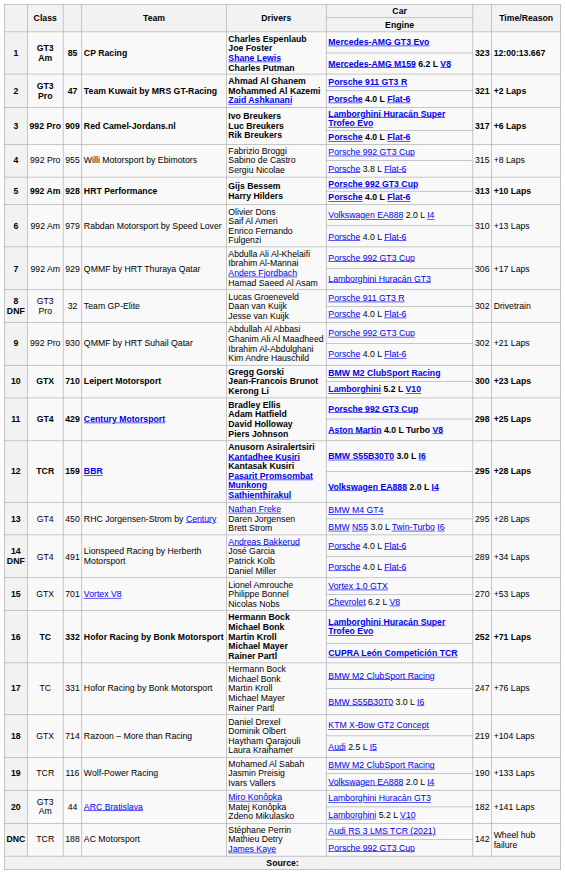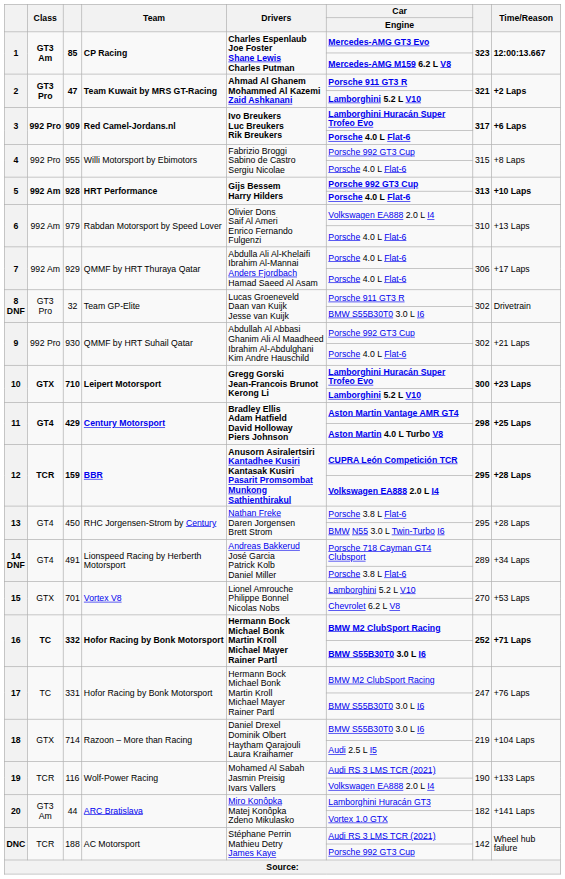 <table class="wikitable" style="font-size:85%;">
 <tr>
 <th rowspan=2></th>
 <th rowspan=2>Class</th>
 <th rowspan=2></th>
 <th rowspan=2>Team</th>
 <th rowspan=2>Drivers</th>
 <th>Car</th>
 <th rowspan="2"></th>
 <th rowspan="2">Time/Reason</th>
 </tr>
 <tr>
 <th>Engine</th>
 </tr>
 <tr>
 <th rowspan=2>1</th>
 <td rowspan=2 align=center><strong>GT3 Am</strong></td>
 <td rowspan=2 align=center><strong>85</strong></td>
 <td rowspan=2><strong> CP Racing</strong></td>
 <td rowspan=2><strong> Charles Espenlaub<br> Joe Foster<br> <a href='#'>Shane Lewis</a><br> Charles Putman</strong></td>
 <td><a href='#'><strong>Mercedes-AMG GT3 Evo</strong></a></td>
 <td rowspan="2"><strong>323</strong></td>
 <td rowspan="2"><strong>12:00:13.667</strong></td>
 </tr>
 <tr>
 <td><strong><a href='#'>Mercedes-AMG M159</a> 6.2 L <a href='#'>V8</a></strong></td>
 </tr>
 <tr>
 <th rowspan=2>2</th>
 <td rowspan=2 align=center><strong>GT3 Pro</strong></td>
 <td rowspan=2 align=center><strong>47</strong></td>
 <td rowspan=2><strong> Team Kuwait by MRS GT-Racing</strong></td>
 <td rowspan=2><strong> Ahmad Al Ghanem<br> Mohammed Al Kazemi<br> <a href='#'>Zaid Ashkanani</a></strong></td>
 <td><a href='#'><strong>Porsche 911 GT3 R</strong></a></td>
 <td rowspan="2"><strong>321</strong></td>
 <td rowspan="2"><strong>+2 Laps</strong></td>
 </tr>
 <tr>
-<td><strong><a href='#'>Porsche</a> 4.0 L <a href='#'>Flat-6</a></strong></td>
+<td><strong><a href='#'>Lamborghini</a> 5.2 L <a href='#'>V10</a></strong></td>
 </tr>
 <tr>
 <th rowspan=2>3</th>
 <td rowspan=2 align=center><strong>992 Pro</strong></td>
 <td rowspan=2 align=center><strong>909</strong></td>
 <td rowspan=2><strong> Red Camel-Jordans.nl</strong></td>
 <td rowspan=2><strong> Ivo Breukers<br> Luc Breukers<br> Rik Breukers</strong></td>
 <td><a href='#'><strong>Lamborghini Huracán Super Trofeo Evo</strong></a></td>
 <td rowspan="2"><strong>317</strong></td>
 <td rowspan="2"><strong>+6 Laps</strong></td>
 </tr>
 <tr>
 <td><strong><a href='#'>Porsche</a> 4.0 L <a href='#'>Flat-6</a></strong></td>
 </tr>
 <tr>
 <th rowspan=2>4</th>
 <td rowspan=2 align=center>992 Pro</td>
 <td rowspan=2 align=center>955</td>
 <td rowspan=2> Willi Motorsport by Ebimotors</td>
 <td rowspan=2> Fabrizio Broggi<br> Sabino de Castro<br> Sergiu Nicolae</td>
 <td><a href='#'>Porsche 992 GT3 Cup</a></td>
 <td rowspan="2">315</td>
 <td rowspan="2">+8 Laps</td>
 </tr>
 <tr>
-<td><a href='#'>Porsche</a> 3.8 L <a href='#'>Flat-6</a></td>
+<td><a href='#'>Porsche</a> 4.0 L <a href='#'>Flat-6</a></td>
 </tr>
 <tr>
 <th rowspan=2>5</th>
 <td rowspan=2 align=center><strong>992 Am</strong></td>
 <td rowspan=2 align=center><strong>928</strong></td>
 <td rowspan=2><strong> HRT Performance</strong></td>
 <td rowspan=2><strong> Gijs Bessem<br> Harry Hilders</strong></td>
 <td><a href='#'><strong>Porsche 992 GT3 Cup</strong></a></td>
 <td rowspan="2"><strong>313</strong></td>
 <td rowspan="2"><strong>+10 Laps</strong></td>
 </tr>
 <tr>
 <td><strong><a href='#'>Porsche</a> 4.0 L <a href='#'>Flat-6</a></strong></td>
 </tr>
 <tr>
 <th rowspan=2>6</th>
 <td rowspan=2 align=center>992 Am</td>
 <td rowspan=2 align=center>979</td>
 <td rowspan=2> Rabdan Motorsport by Speed Lover</td>
 <td rowspan=2> Olivier Dons<br> Saif Al Ameri<br> Enrico Fernando Fulgenzi</td>
 <td><a href='#'>Volkswagen EA888</a> 2.0 L <a href='#'>I4</a></td>
 <td rowspan="2">310</td>
 <td rowspan="2">+13 Laps</td>
 </tr>
 <tr>
 <td><a href='#'>Porsche</a> 4.0 L <a href='#'>Flat-6</a></td>
 </tr>
 <tr>
 <th rowspan=2>7</th>
 <td rowspan=2 align=center>992 Am</td>
 <td rowspan=2 align=center>929</td>
 <td rowspan=2> QMMF by HRT Thuraya Qatar</td>
 <td rowspan=2> Abdulla Ali Al-Khelaifi<br> Ibrahim Al-Mannai<br> <a href='#'>Anders Fjordbach</a><br> Hamad Saeed Al Asam</td>
-<td><a href='#'>Porsche 992 GT3 Cup</a></td>
+<td><a href='#'>Porsche</a> 4.0 L <a href='#'>Flat-6</a></td>
 <td rowspan="2">306</td>
 <td rowspan="2">+17 Laps</td>
 </tr>
 <tr>
-<td><a href='#'>Lamborghini Huracán GT3</a></td>
+<td><a href='#'>Porsche</a> 4.0 L <a href='#'>Flat-6</a></td>
 </tr>
 <tr>
 <th rowspan=2>8<br>DNF</th>
 <td rowspan=2 align=center>GT3 Pro</td>
 <td rowspan=2 align=center>32</td>
 <td rowspan=2> Team GP-Elite</td>
 <td rowspan=2> Lucas Groeneveld<br> Daan van Kuijk<br> Jesse van Kuijk</td>
 <td><a href='#'>Porsche 911 GT3 R</a></td>
 <td rowspan="2">302</td>
 <td rowspan="2">Drivetrain</td>
 </tr>
 <tr>
-<td><a href='#'>Porsche</a> 4.0 L <a href='#'>Flat-6</a></td>
+<td><a href='#'>BMW S55B30T0</a> 3.0 L <a href='#'>I6</a></td>
 </tr>
 <tr>
 <th rowspan=2>9</th>
 <td rowspan=2 align=center>992 Pro</td>
 <td rowspan=2 align=center>930</td>
 <td rowspan=2> QMMF by HRT Suhail Qatar</td>
 <td rowspan=2> Abdullah Al Abbasi<br> Ghanim Ali Al Maadheed<br> Ibrahim Al-Abdulghani<br> Kim Andre Hauschild</td>
 <td><a href='#'>Porsche 992 GT3 Cup</a></td>
 <td rowspan="2">302</td>
 <td rowspan="2">+21 Laps</td>
 </tr>
 <tr>
 <td><a href='#'>Porsche</a> 4.0 L <a href='#'>Flat-6</a></td>
 </tr>
 <tr>
 <th rowspan=2>10</th>
 <td rowspan=2 align=center><strong>GTX</strong></td>
 <td rowspan=2 align=center><strong>710</strong></td>
 <td rowspan=2><strong> Leipert Motorsport</strong></td>
 <td rowspan=2><strong> Gregg Gorski<br> Jean-Francois Brunot<br> Kerong Li</strong></td>
-<td><a href='#'><strong>BMW M2 ClubSport Racing</strong></a></td>
+<td><a href='#'><strong>Lamborghini Huracán Super Trofeo Evo</strong></a></td>
 <td rowspan="2"><strong>300</strong></td>
 <td rowspan="2"><strong>+23 Laps</strong></td>
 </tr>
 <tr>
 <td><strong><a href='#'>Lamborghini</a> 5.2 L <a href='#'>V10</a></strong></td>
 </tr>
 <tr>
 <th rowspan=2>11</th>
 <td rowspan=2 align=center><strong>GT4</strong></td>
 <td rowspan=2 align=center><strong>429</strong></td>
 <td rowspan=2><strong> <a href='#'>Century Motorsport</a></strong></td>
 <td rowspan=2><strong> Bradley Ellis<br> Adam Hatfield<br> David Holloway<br> Piers Johnson</strong></td>
-<td><a href='#'><strong>Porsche 992 GT3 Cup</strong></a></td>
+<td><a href='#'><strong>Aston Martin Vantage AMR GT4</strong></a></td>
 <td rowspan="2"><strong>298</strong></td>
 <td rowspan="2"><strong>+25 Laps</strong></td>
 </tr>
 <tr>
 <td><strong><a href='#'>Aston Martin</a> 4.0 L Turbo <a href='#'>V8</a></strong></td>
 </tr>
 <tr>
 <th rowspan=2>12</th>
 <td rowspan=2 align=center><strong>TCR</strong></td>
 <td rowspan=2 align=center><strong>159</strong></td>
 <td rowspan=2><strong> <a href='#'>BBR</a></strong></td>
 <td rowspan=2><strong> Anusorn Asiralertsiri<br> <a href='#'>Kantadhee Kusiri</a><br> Kantasak Kusiri<br> <a href='#'>Pasarit Promsombat</a><br> <a href='#'>Munkong Sathienthirakul</a></strong></td>
-<td><strong><a href='#'>BMW S55B30T0</a> 3.0 L <a href='#'>I6</a></strong></td>
+<td><a href='#'><strong>CUPRA León Competición TCR</strong></a></td>
 <td rowspan="2"><strong>295</strong></td>
 <td rowspan="2"><strong>+28 Laps</strong></td>
 </tr>
 <tr>
 <td><strong><a href='#'>Volkswagen EA888</a> 2.0 L <a href='#'>I4</a></strong></td>
 </tr>
 <tr>
 <th rowspan=2>13</th>
 <td rowspan=2 align=center>GT4</td>
 <td rowspan=2 align=center>450</td>
 <td rowspan=2> RHC Jorgensen-Strom by <a href='#'>Century</a></td>
 <td rowspan=2> <a href='#'>Nathan Freke</a><br> Daren Jorgensen<br> Brett Strom</td>
-<td><a href='#'>BMW M4 GT4</a></td>
+<td><a href='#'>Porsche</a> 3.8 L <a href='#'>Flat-6</a></td>
 <td rowspan="2">295</td>
 <td rowspan="2">+28 Laps</td>
 </tr>
 <tr>
 <td><a href='#'>BMW</a> <a href='#'>N55</a> 3.0 L <a href='#'>Twin-Turbo</a> <a href='#'>I6</a></td>
 </tr>
 <tr>
 <th rowspan=2>14<br>DNF</th>
 <td rowspan=2 align=center>GT4</td>
 <td rowspan=2 align=center>491</td>
 <td rowspan=2> Lionspeed Racing by Herberth Motorsport</td>
 <td rowspan=2> <a href='#'>Andreas Bakkerud</a><br> José Garcia<br> Patrick Kolb<br> Daniel Miller</td>
-<td><a href='#'>Porsche</a> 4.0 L <a href='#'>Flat-6</a></td>
+<td><a href='#'>Porsche 718 Cayman GT4 Clubsport</a></td>
 <td rowspan="2">289</td>
 <td rowspan="2">+34 Laps</td>
 </tr>
 <tr>
-<td><a href='#'>Porsche</a> 4.0 L <a href='#'>Flat-6</a></td>
+<td><a href='#'>Porsche</a> 3.8 L <a href='#'>Flat-6</a></td>
 </tr>
 <tr>
 <th rowspan=2>15</th>
 <td rowspan=2 align=center>GTX</td>
 <td rowspan=2 align=center>701</td>
 <td rowspan=2> <a href='#'>Vortex V8</a></td>
 <td rowspan=2> Lionel Amrouche<br> Philippe Bonnel<br> Nicolas Nobs</td>
-<td><a href='#'>Vortex 1.0 GTX</a></td>
+<td><a href='#'>Lamborghini</a> 5.2 L <a href='#'>V10</a></td>
 <td rowspan="2">270</td>
 <td rowspan="2">+53 Laps</td>
 </tr>
 <tr>
 <td><a href='#'>Chevrolet</a> 6.2 L <a href='#'>V8</a></td>
 </tr>
 <tr>
 <th rowspan=2>16</th>
 <td rowspan=2 align=center><strong>TC</strong></td>
 <td rowspan=2 align=center><strong>332</strong></td>
 <td rowspan=2><strong> Hofor Racing by Bonk Motorsport</strong></td>
 <td rowspan=2><strong> Hermann Bock<br> Michael Bonk<br> Martin Kroll<br> Michael Mayer<br> Rainer Partl</strong></td>
-<td><a href='#'><strong>Lamborghini Huracán Super Trofeo Evo</strong></a></td>
+<td><a href='#'><strong>BMW M2 ClubSport Racing</strong></a></td>
 <td rowspan=2><strong>252</strong></td>
 <td rowspan="2"><strong>+71 Laps</strong></td>
 </tr>
 <tr>
-<td><a href='#'><strong>CUPRA León Competición TCR</strong></a></td>
+<td><strong><a href='#'>BMW S55B30T0</a> 3.0 L <a href='#'>I6</a></strong></td>
 </tr>
 <tr>
 <th rowspan=2>17</th>
 <td rowspan=2 align=center>TC</td>
 <td rowspan=2 align=center>331</td>
 <td rowspan=2> Hofor Racing by Bonk Motorsport</td>
 <td rowspan=2> Hermann Bock<br> Michael Bonk<br> Martin Kroll<br> Michael Mayer<br> Rainer Partl</td>
 <td><a href='#'>BMW M2 ClubSport Racing</a></td>
 <td rowspan="2">247</td>
 <td rowspan="2">+76 Laps</td>
 </tr>
 <tr>
 <td><a href='#'>BMW S55B30T0</a> 3.0 L <a href='#'>I6</a></td>
 </tr>
 <tr>
 <th rowspan=2>18</th>
 <td rowspan=2 align=center>GTX</td>
 <td rowspan=2 align=center>714</td>
 <td rowspan=2> Razoon – More than Racing</td>
 <td rowspan=2> Daniel Drexel<br> Dominik Olbert<br> Haytham Qarajouli<br> Laura Kraihamer</td>
-<td><a href='#'>KTM X-Bow GT2 Concept</a></td>
+<td><a href='#'>BMW S55B30T0</a> 3.0 L <a href='#'>I6</a></td>
 <td rowspan="2">219</td>
 <td rowspan="2">+104 Laps</td>
 </tr>
 <tr>
 <td><a href='#'>Audi</a> 2.5 L <a href='#'>I5</a></td>
 </tr>
 <tr>
 <th rowspan=2>19</th>
 <td rowspan=2 align=center>TCR</td>
 <td rowspan=2 align=center>116</td>
 <td rowspan=2> Wolf-Power Racing</td>
 <td rowspan=2> Mohamed Al Sabah<br> Jasmin Preisig<br> Ivars Vallers</td>
-<td><a href='#'>BMW M2 ClubSport Racing</a></td>
+<td><a href='#'>Audi RS 3 LMS TCR (2021)</a></td>
 <td rowspan="2">190</td>
 <td rowspan="2">+133 Laps</td>
 </tr>
 <tr>
 <td><a href='#'>Volkswagen EA888</a> 2.0 L <a href='#'>I4</a></td>
 </tr>
 <tr>
 <th rowspan=2>20</th>
 <td rowspan=2 align=center>GT3 Am</td>
 <td rowspan=2 align=center>44</td>
 <td rowspan=2> <a href='#'>ARC Bratislava</a></td>
 <td rowspan=2> <a href='#'>Miro Konôpka</a><br> Matej Konôpka<br> Zdeno Mikulasko</td>
 <td><a href='#'>Lamborghini Huracán GT3</a></td>
 <td rowspan="2">182</td>
 <td rowspan="2">+141 Laps</td>
 </tr>
 <tr>
-<td><a href='#'>Lamborghini</a> 5.2 L <a href='#'>V10</a></td>
+<td><a href='#'>Vortex 1.0 GTX</a></td>
 </tr>
 <tr>
 <th rowspan=2>DNC</th>
 <td rowspan=2 align=center>TCR</td>
 <td rowspan=2 align=center>188</td>
 <td rowspan=2> AC Motorsport</td>
 <td rowspan=2> Stéphane Perrin<br> Mathieu Detry<br> <a href='#'>James Kaye</a></td>
 <td><a href='#'>Audi RS 3 LMS TCR (2021)</a></td>
 <td rowspan="2">142</td>
 <td rowspan="2">Wheel hub failure</td>
 </tr>
 <tr>
 <td><a href='#'>Porsche 992 GT3 Cup</a></td>
 </tr>
 <tr>
 <th colspan=8>Source:</th>
 </tr>
 </table>
